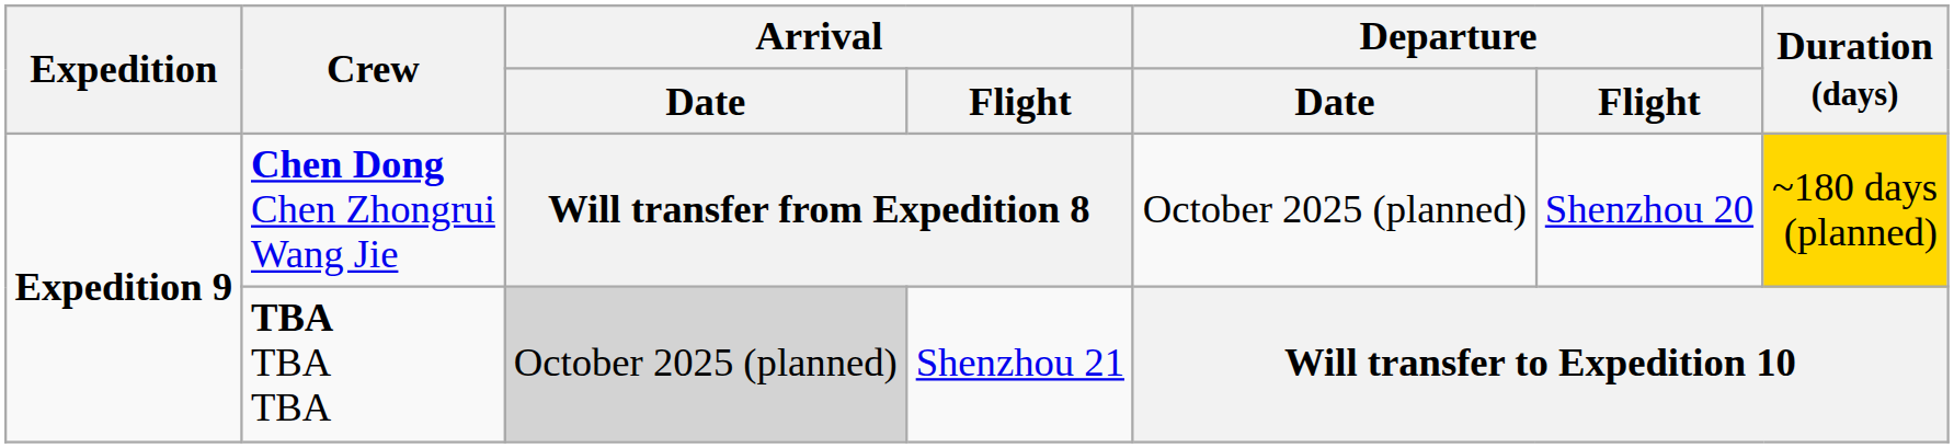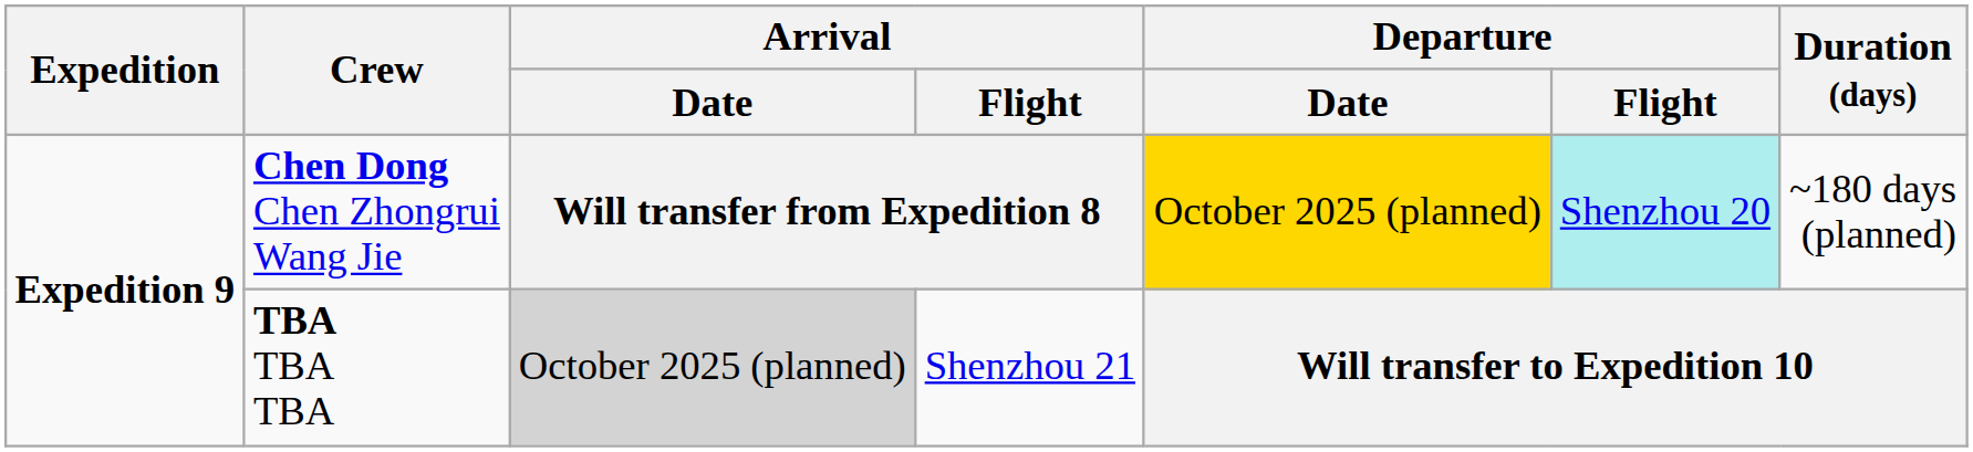 <table class="wikitable">
 <tr>
 <th rowspan=2>Expedition</th>
 <th rowspan=2>Crew</th>
 <th colspan=2>Arrival</th>
 <th colspan=2>Departure</th>
 <th rowspan=2>Duration<br><small>(days)</small></th>
 </tr>
 <tr>
 <th>Date</th>
 <th>Flight</th>
 <th>Date</th>
 <th>Flight</th>
 </tr>
 <tr>
 <td rowspan=2><strong>Expedition 9</strong><br></td>
 <td> <strong><a href='#'>Chen Dong</a></strong><br> <a href='#'>Chen Zhongrui</a><br> <a href='#'>Wang Jie</a></td>
 <th colspan=2>Will transfer from Expedition 8</th>
-<td>October 2025 (planned)</td>
-<td><a href='#'>Shenzhou 20</a></td>
-<td style="background: gold; text-align: right">~180 days<br>(planned)</td>
+<td style="background: gold;">October 2025 (planned)</td>
+<td style="background: paleturquoise;"><a href='#'>Shenzhou 20</a></td>
+<td style="text-align: right">~180 days<br>(planned)</td>
 </tr>
 <tr>
 <td> <strong>TBA</strong><br> TBA<br> TBA</td>
 <td style="background: lightgrey;">October 2025 (planned)</td>
 <td><a href='#'>Shenzhou 21</a></td>
 <th colspan=3>Will transfer to Expedition 10</th>
 </tr>
 </table>
